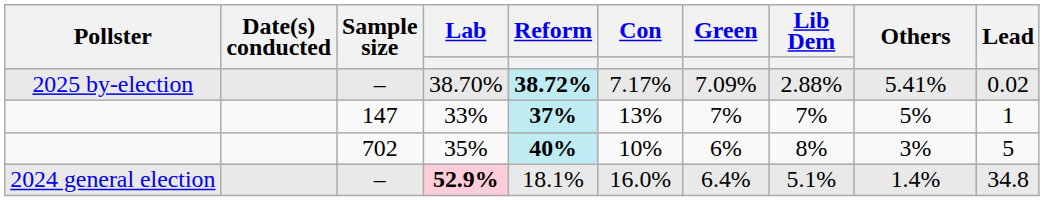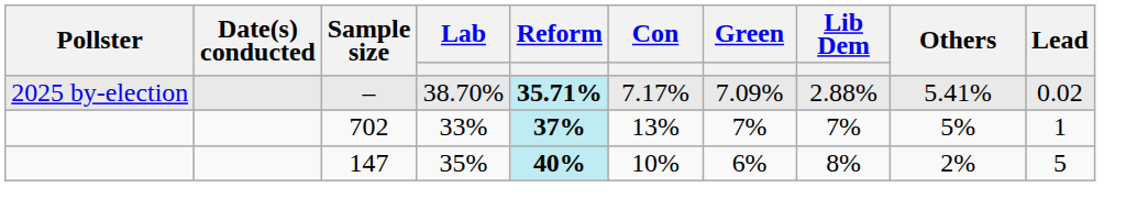 <table class="wikitable sortable mw-datatable" style="text-align:center;font-size:100%;line-height:14px;">
 <tr>
 <th rowspan="2">Pollster</th>
 <th rowspan="2">Date(s)<br>conducted</th>
 <th data-sort-type="number" rowspan="2">Sample<br>size</th>
 <th class="unsortable" style="width:50px;"><a href='#'>Lab</a></th>
 <th class="unsortable" style="width:50px;"><a href='#'>Reform</a></th>
 <th class="unsortable" style="width:50px;"><a href='#'>Con</a></th>
 <th class="unsortable" style="width:50px;"><a href='#'>Green</a></th>
 <th class="unsortable" style="width:50px;"><a href='#'>Lib Dem</a></th>
 <th rowspan="2" class="unsortable" style="width:75px;">Others</th>
 <th data-sort-type="number" rowspan="2">Lead</th>
 </tr>
 <tr>
 <th data-sort-type="number" style="background:"></th>
 <th data-sort-type="number" style="background:"></th>
 <th data-sort-type="number" style="background:"></th>
 <th data-sort-type="number" style="background:"></th>
 <th data-sort-type="number" style="background:"></th>
 </tr>
 <tr style="background:#E9E9E9;">
 <td><a href='#'>2025 by-election</a></td>
 <td></td>
 <td>–</td>
 <td>38.70%</td>
-<td style="background:#BFEBF2;"><strong>38.72%</strong></td>
+<td style="background:#BFEBF2;"><strong>35.71%</strong></td>
 <td>7.17%</td>
 <td>7.09%</td>
 <td>2.88%</td>
 <td>5.41%</td>
 <td style="background:">0.02</td>
 </tr>
 <tr>
 <td></td>
 <td></td>
-<td>147</td>
+<td>702</td>
 <td>33%</td>
 <td style="background:#BFEBF2;"><strong>37%</strong></td>
 <td>13%</td>
 <td>7%</td>
 <td>7%</td>
 <td>5%</td>
 <td style="background:">1</td>
 </tr>
 <tr>
 <td></td>
 <td></td>
-<td>702</td>
+<td>147</td>
 <td>35%</td>
 <td style="background:#BFEBF2;"><strong>40%</strong></td>
 <td>10%</td>
 <td>6%</td>
 <td>8%</td>
-<td>3%</td>
+<td>2%</td>
 <td style="background:">5</td>
 </tr>
-<tr style="background:#E9E9E9;">
-<td><a href='#'>2024 general election</a></td>
-<td></td>
-<td>–</td>
-<td style="background:#FFCCD9;"><strong>52.9%</strong></td>
-<td>18.1%</td>
-<td>16.0%</td>
-<td>6.4%</td>
-<td>5.1%</td>
-<td>1.4%</td>
-<td style="background:">34.8</td>
-</tr>
 </table>
